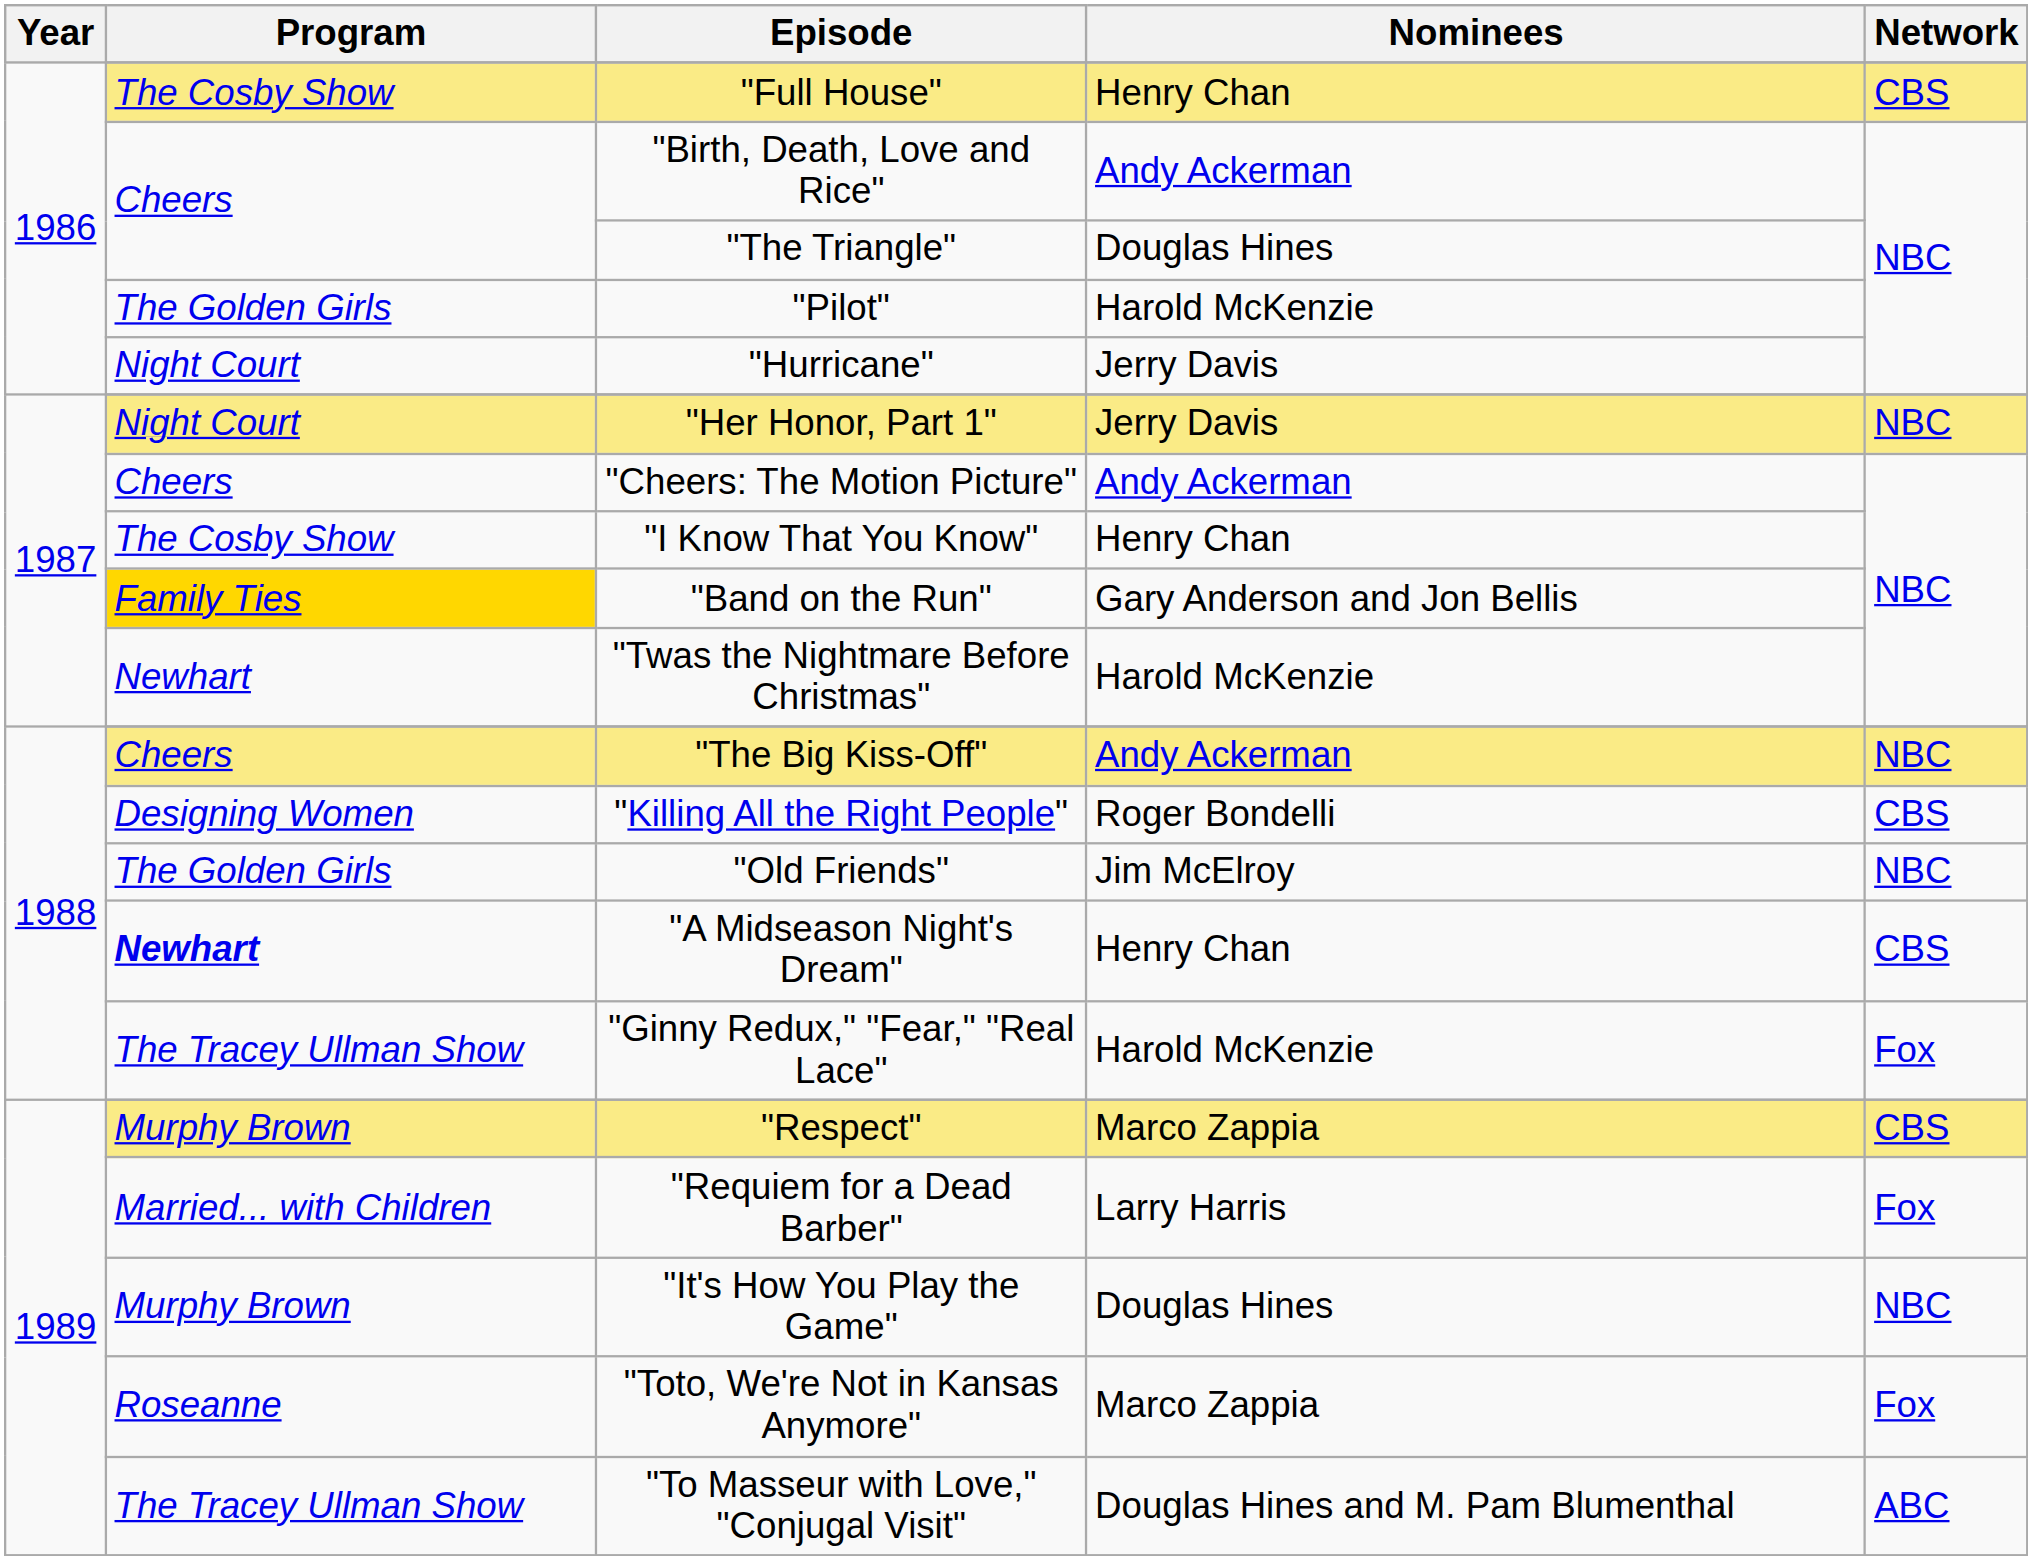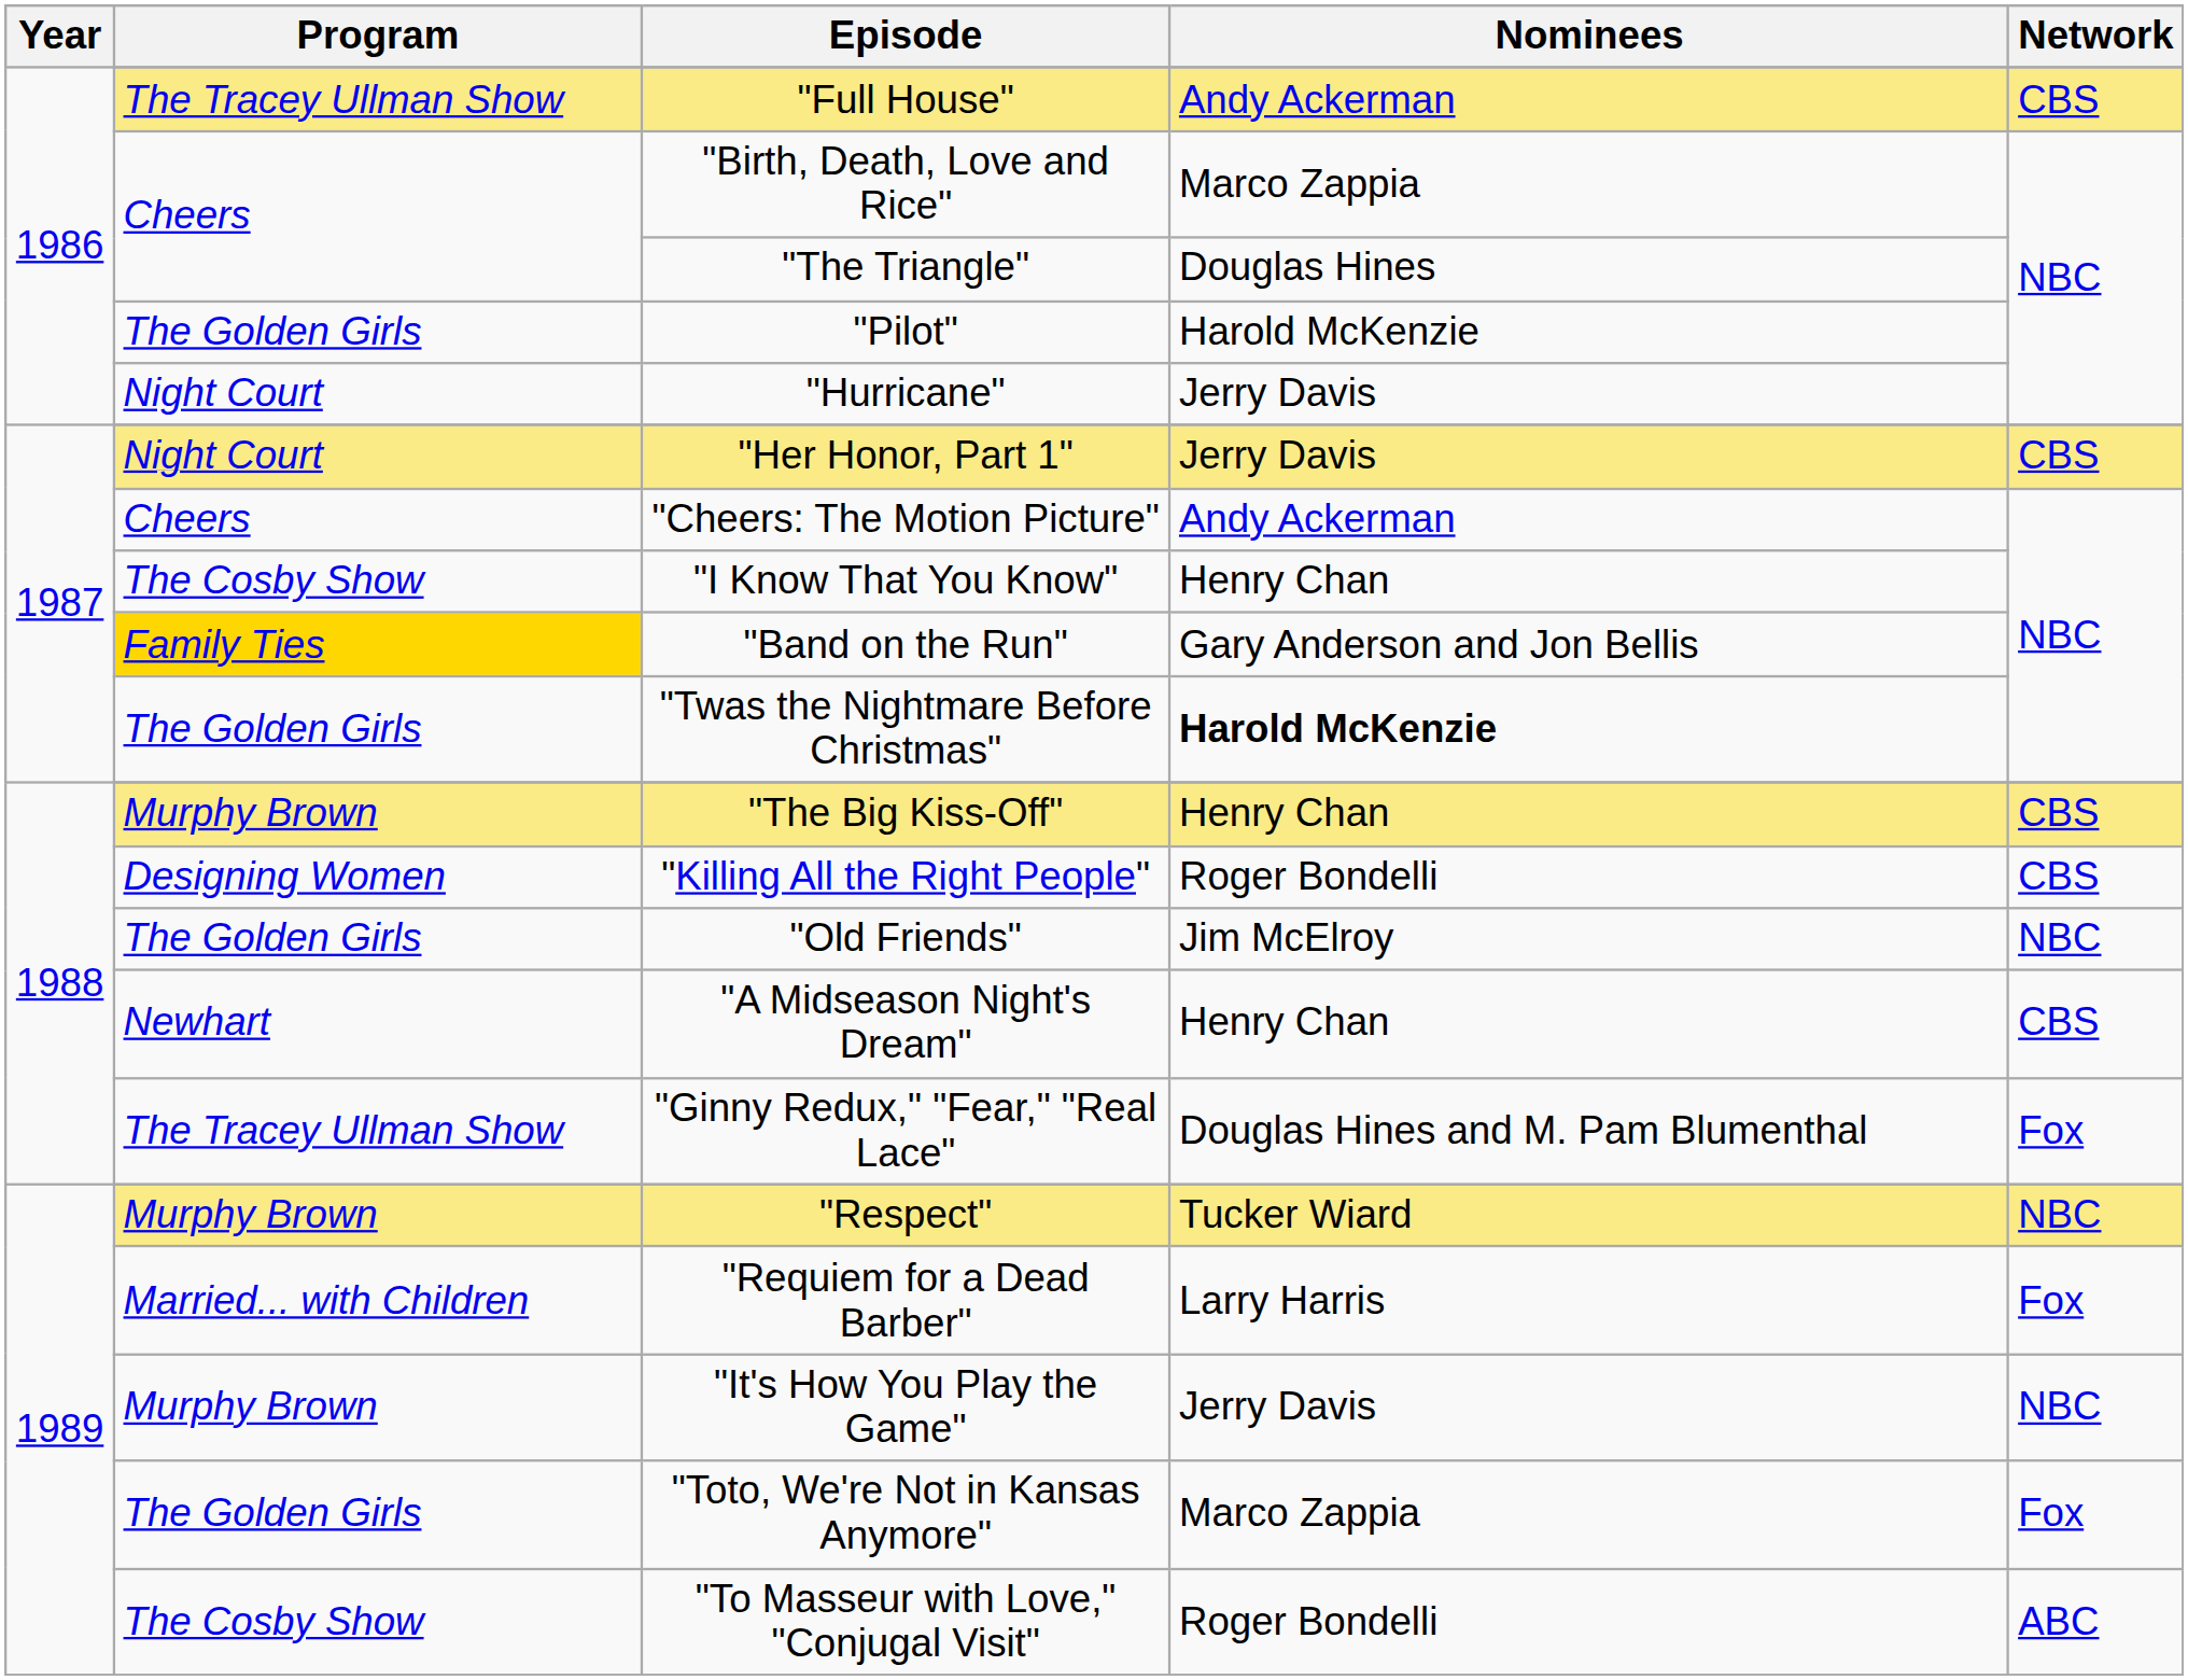 <table class="wikitable" style="width:100%">
 <tr style="background:#bebebe;">
 <th style="width:5%;">Year</th>
 <th style="width:25%;">Program</th>
 <th style="width:25%;">Episode</th>
 <th style="width:40%;">Nominees</th>
 <th style="width:5%;">Network</th>
 </tr>
 <tr>
 <td rowspan=6 style="text-align:center;"><a href='#'>1986</a><br></td>
 </tr>
 <tr style="background:#FAEB86;">
-<td><em><a href='#'>The Cosby Show</a></em></td>
+<td><em><a href='#'>The Tracey Ullman Show</a></em></td>
 <td align=center>"Full House"</td>
-<td>Henry Chan</td>
+<td><a href='#'>Andy Ackerman</a></td>
 <td><a href='#'>CBS</a></td>
 </tr>
 <tr>
 <td rowspan=2><em><a href='#'>Cheers</a></em></td>
 <td align=center>"Birth, Death, Love and Rice"</td>
-<td><a href='#'>Andy Ackerman</a></td>
+<td>Marco Zappia</td>
 <td rowspan=4><a href='#'>NBC</a></td>
 </tr>
 <tr>
 <td align=center>"The Triangle"</td>
 <td>Douglas Hines</td>
 </tr>
 <tr>
 <td><em><a href='#'>The Golden Girls</a></em></td>
 <td align=center>"Pilot"</td>
 <td>Harold McKenzie</td>
 </tr>
 <tr>
 <td><em><a href='#'>Night Court</a></em></td>
 <td align=center>"Hurricane"</td>
 <td>Jerry Davis</td>
 </tr>
 <tr>
 <td rowspan=6 style="text-align:center;"><a href='#'>1987</a><br></td>
 </tr>
 <tr style="background:#FAEB86;">
 <td><em><a href='#'>Night Court</a></em></td>
 <td align=center>"Her Honor, Part 1"</td>
 <td>Jerry Davis</td>
-<td><a href='#'>NBC</a></td>
+<td><a href='#'>CBS</a></td>
 </tr>
 <tr>
 <td><em><a href='#'>Cheers</a></em></td>
 <td align=center>"Cheers: The Motion Picture"</td>
 <td><a href='#'>Andy Ackerman</a></td>
 <td rowspan=4><a href='#'>NBC</a></td>
 </tr>
 <tr>
 <td><em><a href='#'>The Cosby Show</a></em></td>
 <td align=center>"I Know That You Know"</td>
 <td>Henry Chan</td>
 </tr>
 <tr>
 <td style="background: gold;"><em><a href='#'>Family Ties</a></em></td>
 <td align=center>"Band on the Run"</td>
 <td>Gary Anderson and Jon Bellis</td>
 </tr>
 <tr>
-<td><em><a href='#'>Newhart</a></em></td>
+<td><em><a href='#'>The Golden Girls</a></em></td>
 <td align=center>"Twas the Nightmare Before Christmas"</td>
-<td>Harold McKenzie</td>
+<td><strong>Harold McKenzie</strong></td>
 </tr>
 <tr>
 <td rowspan=6 style="text-align:center;"><a href='#'>1988</a><br></td>
 </tr>
 <tr style="background:#FAEB86;">
-<td><em><a href='#'>Cheers</a></em></td>
+<td><em><a href='#'>Murphy Brown</a></em></td>
 <td align=center>"The Big Kiss-Off"</td>
-<td><a href='#'>Andy Ackerman</a></td>
-<td><a href='#'>NBC</a></td>
+<td>Henry Chan</td>
+<td><a href='#'>CBS</a></td>
 </tr>
 <tr>
 <td><em><a href='#'>Designing Women</a></em></td>
 <td align=center>"<a href='#'>Killing All the Right People</a>"</td>
 <td>Roger Bondelli</td>
 <td><a href='#'>CBS</a></td>
 </tr>
 <tr>
 <td><em><a href='#'>The Golden Girls</a></em></td>
 <td align=center>"Old Friends"</td>
 <td>Jim McElroy</td>
 <td><a href='#'>NBC</a></td>
 </tr>
 <tr>
-<td><strong><em><a href='#'>Newhart</a></em></strong></td>
+<td><em><a href='#'>Newhart</a></em></td>
 <td align=center>"A Midseason Night's Dream"</td>
 <td>Henry Chan</td>
 <td><a href='#'>CBS</a></td>
 </tr>
 <tr>
 <td><em><a href='#'>The Tracey Ullman Show</a></em></td>
 <td align=center>"Ginny Redux," "Fear," "Real Lace"</td>
-<td>Harold McKenzie</td>
+<td>Douglas Hines and M. Pam Blumenthal</td>
 <td><a href='#'>Fox</a></td>
 </tr>
 <tr>
 <td rowspan=6 style="text-align:center;"><a href='#'>1989</a><br></td>
 </tr>
 <tr style="background:#FAEB86;">
 <td><em><a href='#'>Murphy Brown</a></em></td>
 <td align=center>"Respect"</td>
-<td>Marco Zappia</td>
-<td><a href='#'>CBS</a></td>
+<td>Tucker Wiard</td>
+<td><a href='#'>NBC</a></td>
 </tr>
 <tr>
 <td><em><a href='#'>Married... with Children</a></em></td>
 <td align=center>"Requiem for a Dead Barber"</td>
 <td>Larry Harris</td>
 <td><a href='#'>Fox</a></td>
 </tr>
 <tr>
 <td><em><a href='#'>Murphy Brown</a></em></td>
 <td align=center>"It's How You Play the Game"</td>
-<td>Douglas Hines</td>
+<td>Jerry Davis</td>
 <td><a href='#'>NBC</a></td>
 </tr>
 <tr>
-<td><em><a href='#'>Roseanne</a></em></td>
+<td><em><a href='#'>The Golden Girls</a></em></td>
 <td align=center>"Toto, We're Not in Kansas Anymore"</td>
 <td>Marco Zappia</td>
 <td><a href='#'>Fox</a></td>
 </tr>
 <tr>
-<td><em><a href='#'>The Tracey Ullman Show</a></em></td>
+<td><em><a href='#'>The Cosby Show</a></em></td>
 <td align=center>"To Masseur with Love," "Conjugal Visit"</td>
-<td>Douglas Hines and M. Pam Blumenthal</td>
+<td>Roger Bondelli</td>
 <td><a href='#'>ABC</a></td>
 </tr>
 <tr>
 </tr>
 </table>
